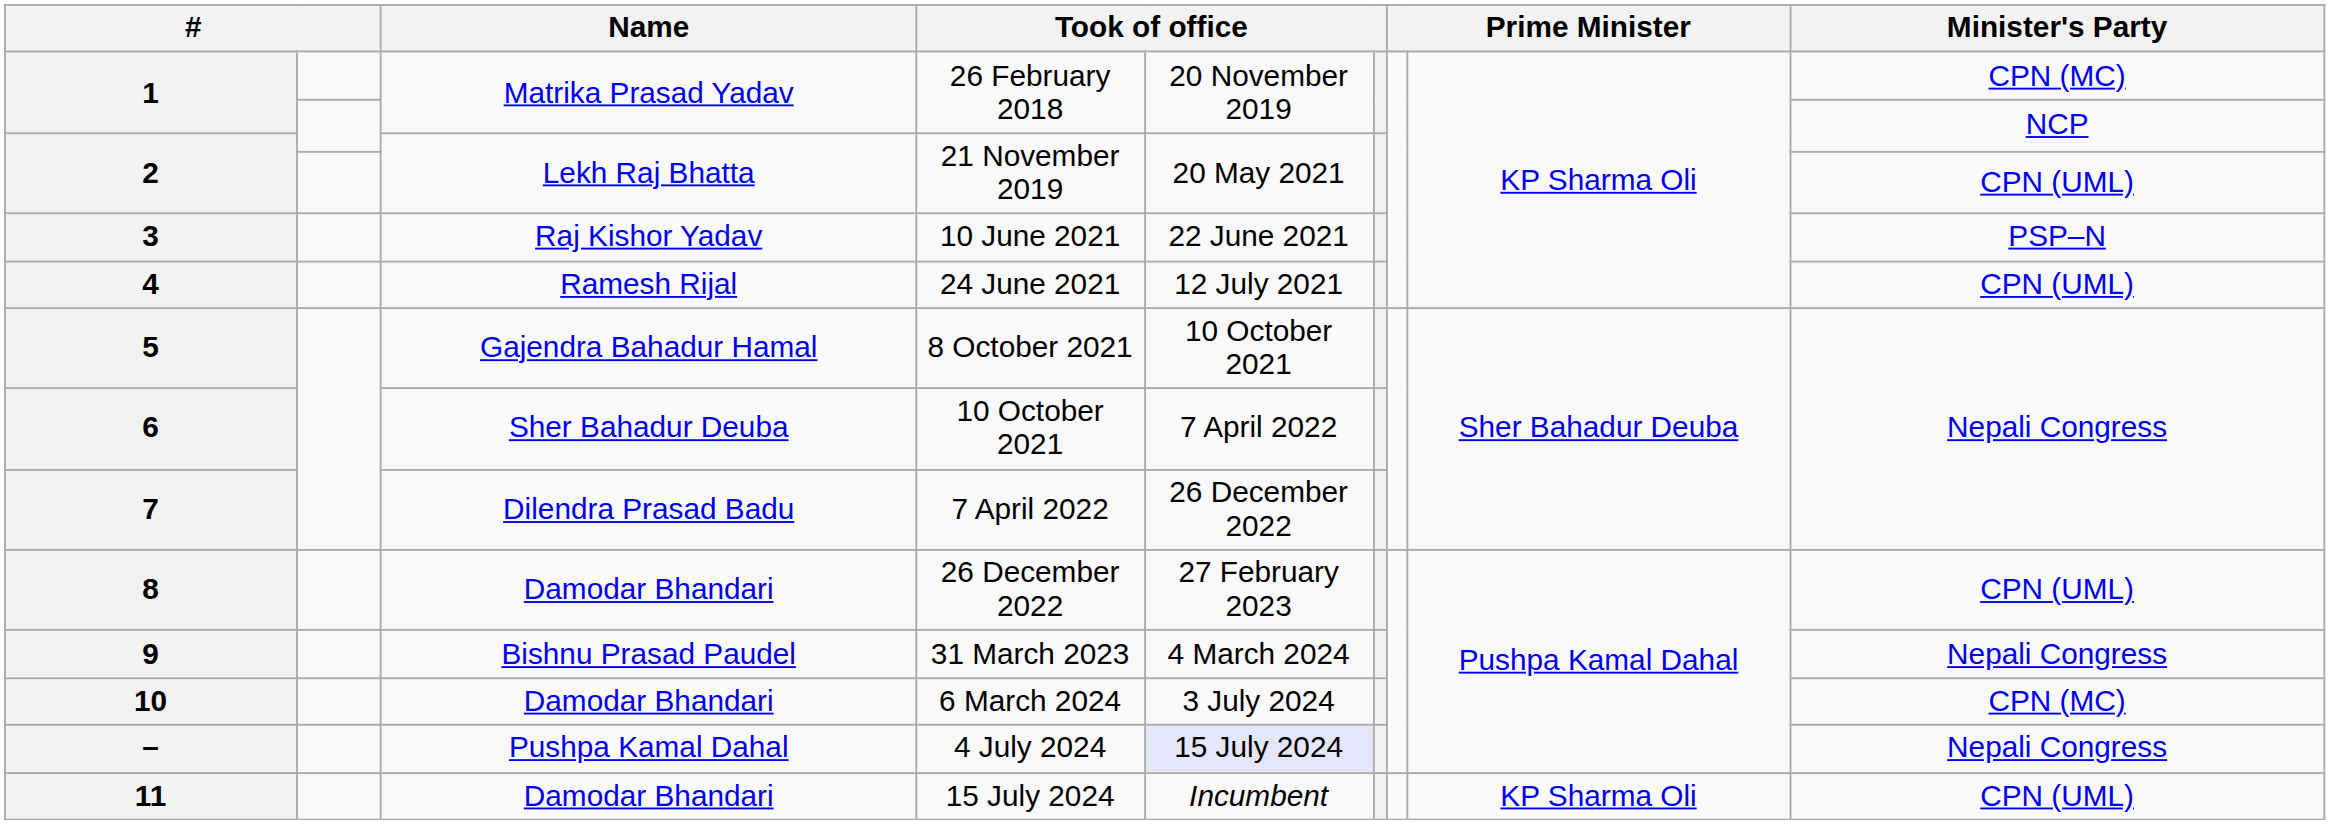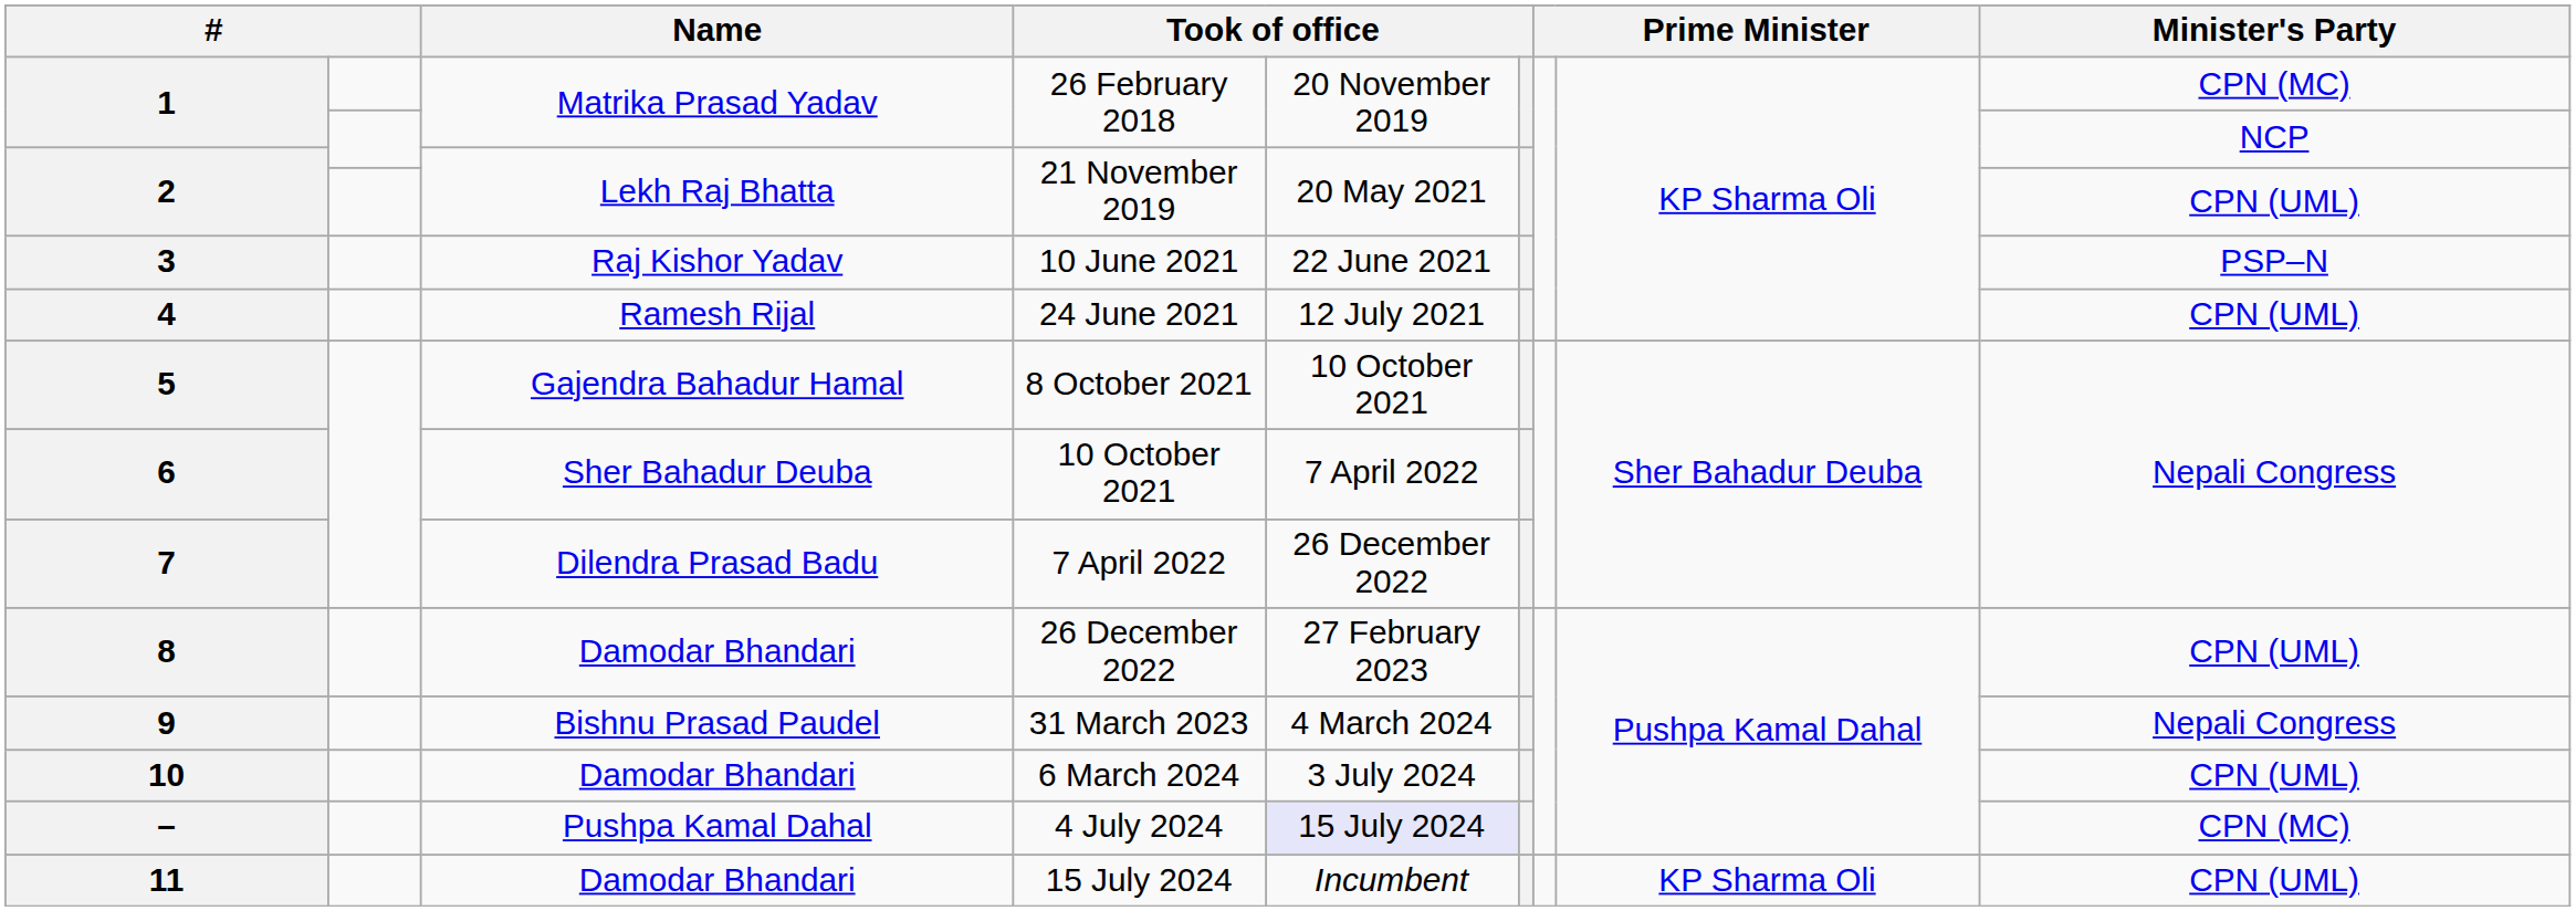 <table class="wikitable"  style="text-align:center">
 <tr>
 <th width=280px colspan="2">#</th>
 <th width=280px>Name</th>
 <th width=280px colspan="3">Took of office</th>
 <th width=280px colspan="2">Prime Minister</th>
 <th width=280px>Minister's Party</th>
 </tr>
 <tr>
 <th rowspan="2">1</th>
 <td style="background-color: "></td>
 <td rowspan="2"><a href='#'>Matrika Prasad Yadav</a><br></td>
 <td rowspan="2">26 February 2018</td>
 <td rowspan="2">20 November 2019</td>
 <th rowspan="2"></th>
 <td rowspan="6" style="background-color: "></td>
 <td rowspan="6"><a href='#'>KP Sharma Oli</a></td>
 <td><a href='#'>CPN (MC)</a></td>
 </tr>
 <tr>
 <td rowspan="2"></td>
 <td rowspan="2"><a href='#'>NCP</a></td>
 </tr>
 <tr>
 <th rowspan="2">2</th>
 <td rowspan="2"><a href='#'>Lekh Raj Bhatta</a><br></td>
 <td rowspan="2">21 November 2019</td>
 <td rowspan="2">20 May 2021</td>
 <th rowspan="2"></th>
 </tr>
 <tr>
 <td style="background-color: "></td>
 <td><a href='#'>CPN (UML)</a></td>
 </tr>
 <tr>
 <th>3</th>
 <td style="background-color: "></td>
 <td><a href='#'>Raj Kishor Yadav</a><br></td>
 <td>10 June 2021</td>
 <td>22 June 2021</td>
 <th></th>
 <td><a href='#'>PSP–N</a></td>
 </tr>
 <tr>
 <th>4</th>
 <td style="background-color: "></td>
 <td><a href='#'>Ramesh Rijal</a><br></td>
 <td>24 June 2021</td>
 <td>12 July 2021</td>
 <th></th>
 <td><a href='#'>CPN (UML)</a></td>
 </tr>
 <tr>
 <th>5</th>
 <td rowspan="3" style="background-color: "></td>
 <td><a href='#'>Gajendra Bahadur Hamal</a><br></td>
 <td>8 October 2021</td>
 <td>10 October 2021</td>
 <th></th>
 <td rowspan="3" style="background-color: "></td>
 <td rowspan="3"><a href='#'>Sher Bahadur Deuba</a></td>
 <td rowspan="3"><a href='#'>Nepali Congress</a></td>
 </tr>
 <tr>
 <th>6</th>
 <td><a href='#'>Sher Bahadur Deuba</a><br></td>
 <td>10 October 2021</td>
 <td>7 April 2022</td>
 <th></th>
 </tr>
 <tr>
 <th>7</th>
 <td><a href='#'>Dilendra Prasad Badu</a><br></td>
 <td>7 April 2022</td>
 <td>26 December 2022</td>
 <th></th>
 </tr>
 <tr>
 <th>8</th>
 <td style="background-color: "></td>
 <td><a href='#'>Damodar Bhandari</a><br></td>
 <td>26 December 2022</td>
 <td>27 February 2023</td>
 <th></th>
 <td rowspan="4" style="background-color: "></td>
 <td rowspan="4"><a href='#'>Pushpa Kamal Dahal</a></td>
 <td><a href='#'>CPN (UML)</a></td>
 </tr>
 <tr>
 <th>9</th>
 <td style="background-color: "></td>
 <td><a href='#'>Bishnu Prasad Paudel</a><br></td>
 <td>31 March 2023</td>
 <td>4 March 2024</td>
 <th></th>
 <td><a href='#'>Nepali Congress</a></td>
 </tr>
 <tr>
 <th>10</th>
 <td style="background-color: "></td>
 <td><a href='#'>Damodar Bhandari</a><br></td>
 <td>6 March 2024</td>
 <td>3 July 2024</td>
 <th></th>
-<td><a href='#'>CPN (MC)</a></td>
+<td><a href='#'>CPN (UML)</a></td>
 </tr>
 <tr>
 <th>–</th>
 <td style="background-color: "></td>
 <td><a href='#'>Pushpa Kamal Dahal</a><br></td>
 <td>4 July 2024</td>
 <td style="background: lavender;">15 July 2024</td>
 <th></th>
-<td><a href='#'>Nepali Congress</a></td>
+<td><a href='#'>CPN (MC)</a></td>
 </tr>
 <tr>
 <th>11</th>
 <td style="background-color: "></td>
 <td><a href='#'>Damodar Bhandari</a><br> </td>
 <td>15 July 2024</td>
 <td><em>Incumbent</em></td>
 <th></th>
 <td rowspan="1" style="background-color: "></td>
 <td rowspan="1"><a href='#'>KP Sharma Oli</a></td>
 <td><a href='#'>CPN (UML)</a></td>
 </tr>
 </table>
